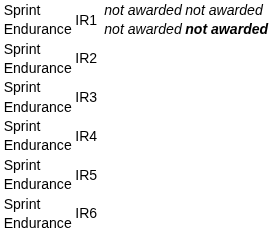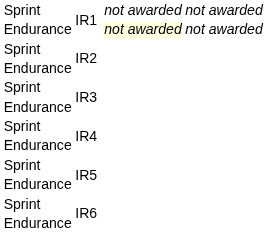 <table>
 <tr>
 <td>Sprint</td>
 <td rowspan=2>IR1</td>
 <td></td>
 <td><em>not awarded</em></td>
 <td><em>not awarded</em></td>
 </tr>
 <tr>
 <td>Endurance</td>
 <td></td>
+<td style="background: lightyellow;"><em>not awarded</em></td>
 <td><em>not awarded</em></td>
-<td><strong><em>not awarded</em></strong></td>
 </tr>
 <tr>
 <td>Sprint</td>
 <td rowspan=2>IR2</td>
 <td></td>
 <td></td>
 <td></td>
 </tr>
 <tr>
 <td>Endurance</td>
 <td></td>
 <td></td>
 <td></td>
 </tr>
 <tr>
 <td>Sprint</td>
 <td rowspan=2>IR3</td>
 <td></td>
 <td></td>
 <td></td>
 </tr>
 <tr>
 <td>Endurance</td>
 <td></td>
 <td></td>
 <td></td>
 </tr>
 <tr>
 <td>Sprint</td>
 <td rowspan=2>IR4</td>
 <td></td>
 <td></td>
 <td></td>
 </tr>
 <tr>
 <td>Endurance</td>
 <td></td>
 <td></td>
 <td></td>
 </tr>
 <tr>
 <td rowspan=2>Sprint</td>
 <td rowspan=3>IR5</td>
 <td rowspan=2></td>
 <td></td>
 <td></td>
 </tr>
 <tr>
 <td></td>
 <td></td>
 </tr>
 <tr>
 <td>Endurance</td>
 <td></td>
 <td></td>
 <td></td>
 </tr>
 <tr>
 <td rowspan=2>Sprint</td>
 <td rowspan=3>IR6</td>
 <td rowspan=2></td>
 <td rowspan=2></td>
 <td></td>
 </tr>
 <tr>
 <td></td>
 </tr>
 <tr>
 <td>Endurance</td>
 <td></td>
 <td></td>
 <td></td>
 </tr>
 </table>
